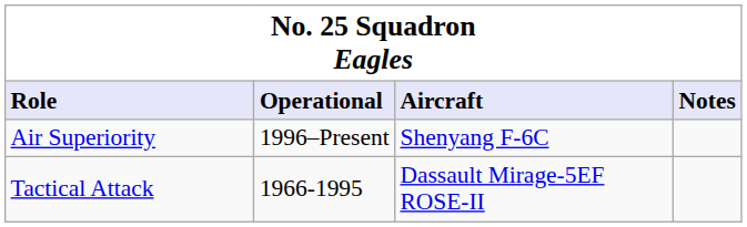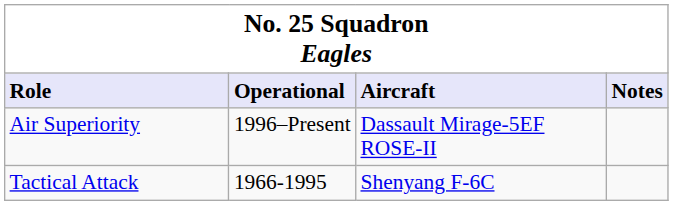 <table class="wikitable">
 <tr>
 <th style="text-align: middle; background: white;" colspan="4"><big>No. 25 Squadron <br><em>Eagles</em></big></th>
 </tr>
 <tr>
 <th style="text-align: left; background: lavender;" width="160">Role</th>
 <th style="text-align: left; background: lavender;" width=" ">Operational</th>
 <th style="text-align: left; background: lavender;" width="180">Aircraft</th>
 <th style="text-align: left; background: lavender;" width=" ">Notes</th>
 </tr>
 <tr valign="top">
 <td><a href='#'>Air Superiority</a></td>
 <td>1996–Present</td>
-<td><a href='#'>Shenyang F-6C</a></td>
+<td><a href='#'>Dassault Mirage-5EF ROSE-II</a></td>
 <td></td>
 </tr>
 <tr>
 <td><a href='#'>Tactical Attack</a></td>
 <td>1966-1995</td>
-<td><a href='#'>Dassault Mirage-5EF ROSE-II</a></td>
+<td><a href='#'>Shenyang F-6C</a></td>
 <td></td>
 </tr>
 </table>
